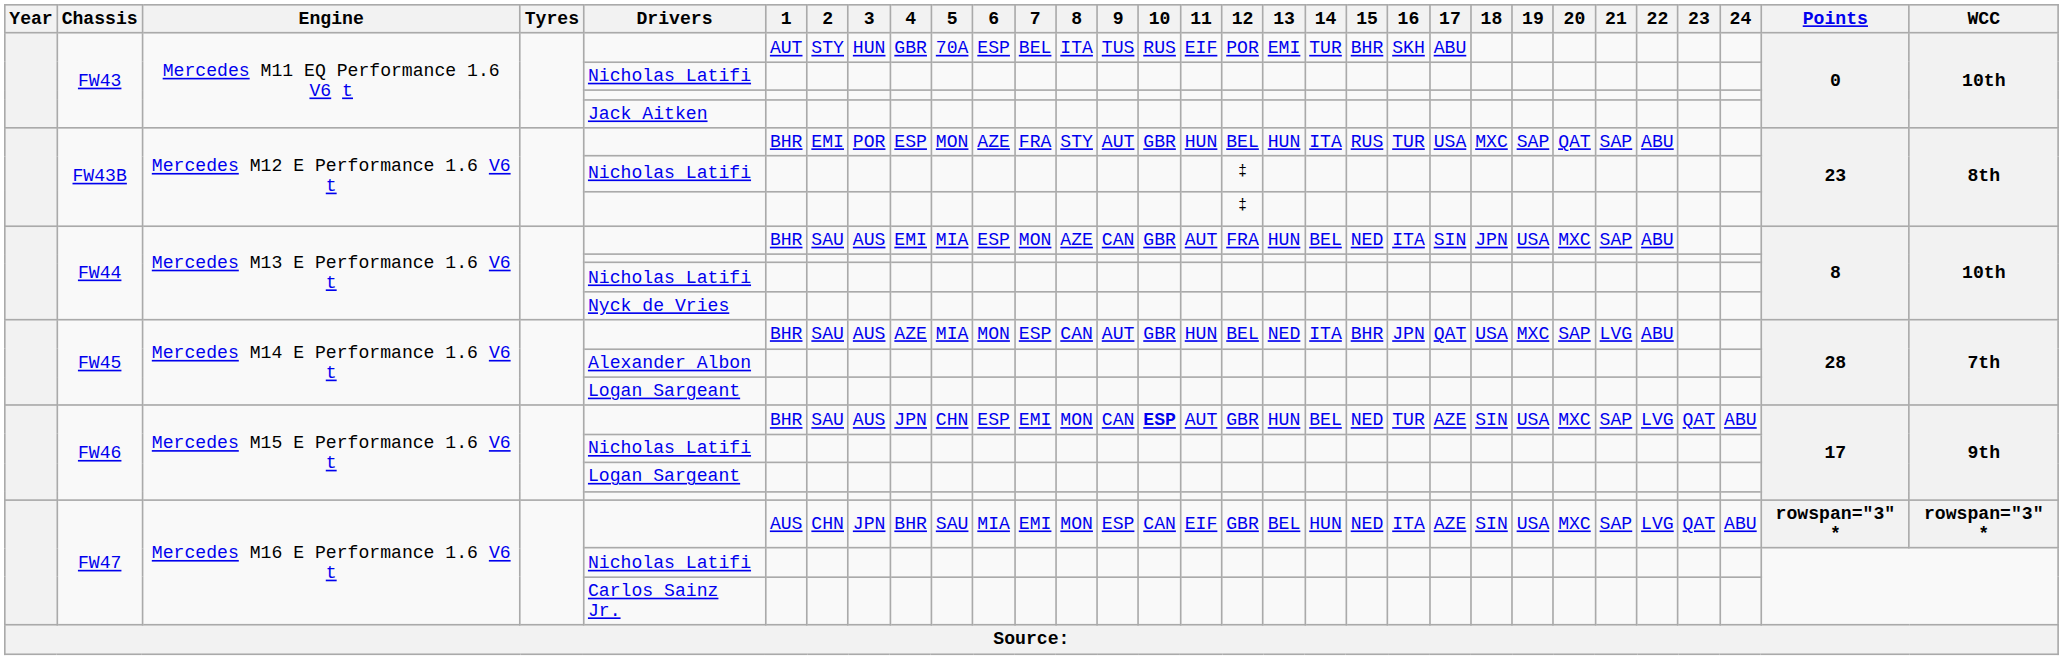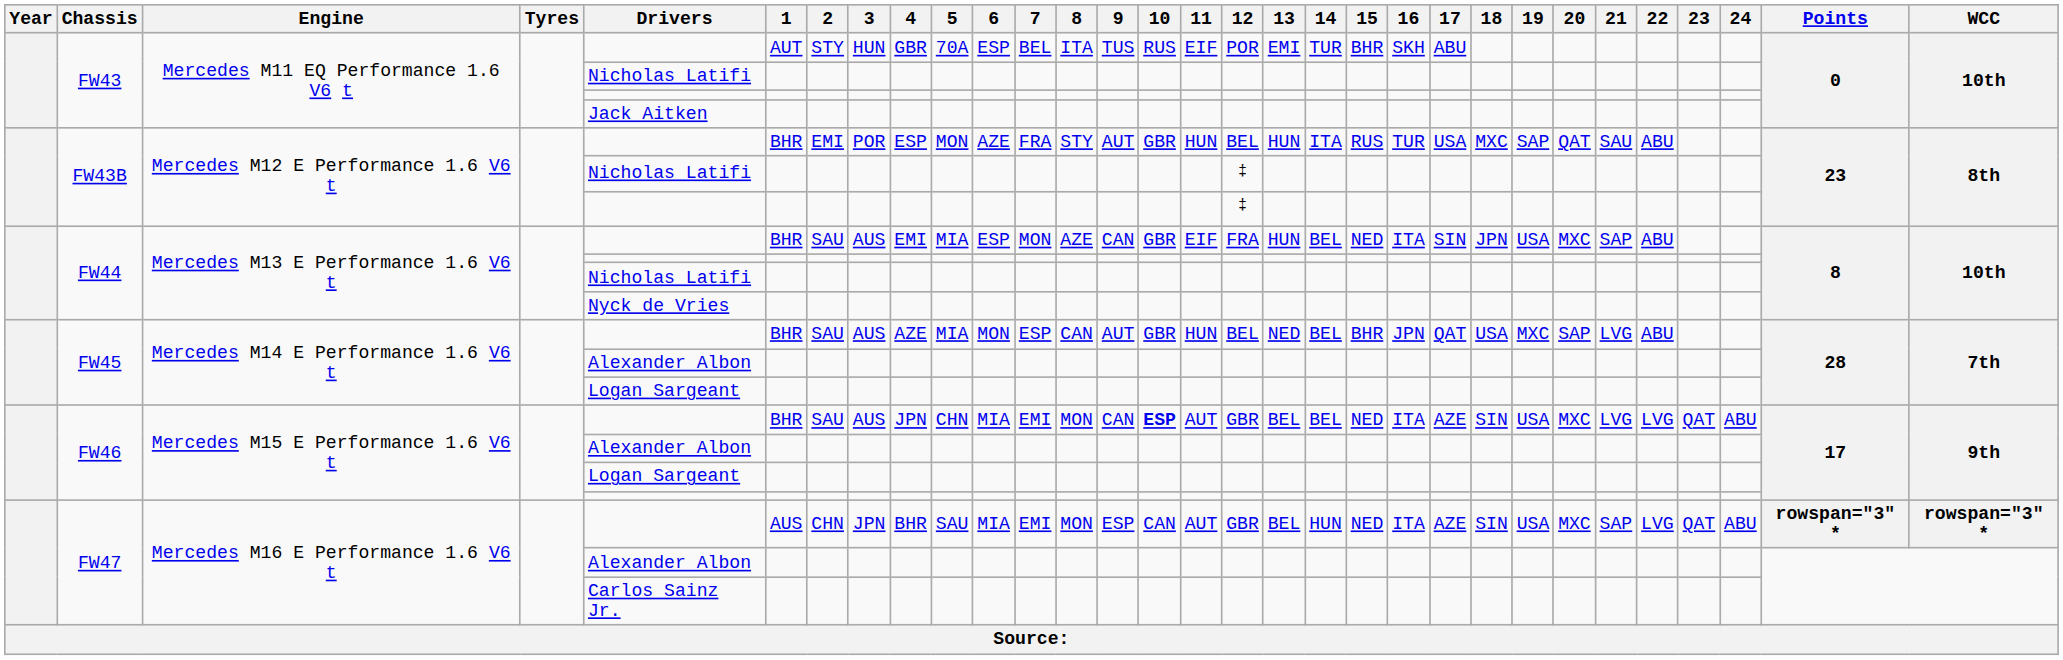 <table class="wikitable" style="text-align:center; font-size:85%">
 <tr>
 <th>Year</th>
 <th>Chassis</th>
 <th>Engine</th>
 <th>Tyres</th>
 <th>Drivers</th>
 <th>1</th>
 <th>2</th>
 <th>3</th>
 <th>4</th>
 <th>5</th>
 <th>6</th>
 <th>7</th>
 <th>8</th>
 <th>9</th>
 <th>10</th>
 <th>11</th>
 <th>12</th>
 <th>13</th>
 <th>14</th>
 <th>15</th>
 <th>16</th>
 <th>17</th>
 <th>18</th>
 <th>19</th>
 <th>20</th>
 <th>21</th>
 <th>22</th>
 <th>23</th>
 <th>24</th>
 <th><a href='#'>Points</a></th>
 <th>WCC</th>
 </tr>
 <tr>
 <th rowspan="4"></th>
 <td rowspan="4"><a href='#'>FW43</a></td>
 <td rowspan="4"><a href='#'>Mercedes</a> M11 EQ Performance 1.6 <a href='#'>V6</a> <a href='#'>t</a></td>
 <td rowspan="4"></td>
 <td></td>
 <td><a href='#'>AUT</a></td>
 <td><a href='#'>STY</a></td>
 <td><a href='#'>HUN</a></td>
 <td><a href='#'>GBR</a></td>
 <td><a href='#'>70A</a></td>
 <td><a href='#'>ESP</a></td>
 <td><a href='#'>BEL</a></td>
 <td><a href='#'>ITA</a></td>
 <td><a href='#'>TUS</a></td>
 <td><a href='#'>RUS</a></td>
 <td><a href='#'>EIF</a></td>
 <td><a href='#'>POR</a></td>
 <td><a href='#'>EMI</a></td>
 <td><a href='#'>TUR</a></td>
 <td><a href='#'>BHR</a></td>
 <td><a href='#'>SKH</a></td>
 <td><a href='#'>ABU</a></td>
 <td></td>
 <td></td>
 <td></td>
 <td></td>
 <td></td>
 <td></td>
 <td></td>
 <th rowspan="4">0</th>
 <th rowspan="4">10th</th>
 </tr>
 <tr>
 <td align="left"> <a href='#'>Nicholas Latifi</a></td>
 <td></td>
 <td></td>
 <td></td>
 <td></td>
 <td></td>
 <td></td>
 <td></td>
 <td></td>
 <td></td>
 <td></td>
 <td></td>
 <td></td>
 <td></td>
 <td></td>
 <td></td>
 <td></td>
 <td></td>
 <td></td>
 <td></td>
 <td></td>
 <td></td>
 <td></td>
 <td></td>
 <td></td>
 </tr>
 <tr>
 <td align="left"></td>
 <td></td>
 <td></td>
 <td></td>
 <td></td>
 <td></td>
 <td></td>
 <td></td>
 <td></td>
 <td></td>
 <td></td>
 <td></td>
 <td></td>
 <td></td>
 <td></td>
 <td></td>
 <td></td>
 <td></td>
 <td></td>
 <td></td>
 <td></td>
 <td></td>
 <td></td>
 <td></td>
 <td></td>
 </tr>
 <tr>
 <td align="left"> <a href='#'>Jack Aitken</a></td>
 <td></td>
 <td></td>
 <td></td>
 <td></td>
 <td></td>
 <td></td>
 <td></td>
 <td></td>
 <td></td>
 <td></td>
 <td></td>
 <td></td>
 <td></td>
 <td></td>
 <td></td>
 <td></td>
 <td></td>
 <td></td>
 <td></td>
 <td></td>
 <td></td>
 <td></td>
 <td></td>
 <td></td>
 </tr>
 <tr>
 <th rowspan="3"></th>
 <td rowspan="3"><a href='#'>FW43B</a></td>
 <td rowspan="3"><a href='#'>Mercedes</a> M12 E Performance 1.6 <a href='#'>V6</a> <a href='#'>t</a></td>
 <td rowspan="3"></td>
 <td></td>
 <td><a href='#'>BHR</a></td>
 <td><a href='#'>EMI</a></td>
 <td><a href='#'>POR</a></td>
 <td><a href='#'>ESP</a></td>
 <td><a href='#'>MON</a></td>
 <td><a href='#'>AZE</a></td>
 <td><a href='#'>FRA</a></td>
 <td><a href='#'>STY</a></td>
 <td><a href='#'>AUT</a></td>
 <td><a href='#'>GBR</a></td>
 <td><a href='#'>HUN</a></td>
 <td><a href='#'>BEL</a></td>
 <td><a href='#'>HUN</a></td>
 <td><a href='#'>ITA</a></td>
 <td><a href='#'>RUS</a></td>
 <td><a href='#'>TUR</a></td>
 <td><a href='#'>USA</a></td>
 <td><a href='#'>MXC</a></td>
 <td><a href='#'>SAP</a></td>
 <td><a href='#'>QAT</a></td>
-<td><a href='#'>SAP</a></td>
+<td><a href='#'>SAU</a></td>
 <td><a href='#'>ABU</a></td>
 <td></td>
 <td></td>
 <th rowspan="3">23</th>
 <th rowspan="3">8th</th>
 </tr>
 <tr>
 <td align="left"> <a href='#'>Nicholas Latifi</a></td>
 <td></td>
 <td></td>
 <td></td>
 <td></td>
 <td></td>
 <td></td>
 <td></td>
 <td></td>
 <td></td>
 <td></td>
 <td></td>
 <td><sup>‡</sup></td>
 <td></td>
 <td></td>
 <td></td>
 <td></td>
 <td></td>
 <td></td>
 <td></td>
 <td></td>
 <td></td>
 <td></td>
 <td></td>
 <td></td>
 </tr>
 <tr>
 <td align="left"></td>
 <td></td>
 <td></td>
 <td></td>
 <td></td>
 <td></td>
 <td></td>
 <td></td>
 <td></td>
 <td></td>
 <td></td>
 <td></td>
 <td><sup>‡</sup></td>
 <td></td>
 <td></td>
 <td></td>
 <td></td>
 <td></td>
 <td></td>
 <td></td>
 <td></td>
 <td></td>
 <td></td>
 <td></td>
 <td></td>
 </tr>
 <tr>
 <th rowspan="4"></th>
 <td rowspan="4"><a href='#'>FW44</a></td>
 <td rowspan="4"><a href='#'>Mercedes</a> M13 E Performance 1.6 <a href='#'>V6</a> <a href='#'>t</a></td>
 <td rowspan="4"></td>
 <td></td>
 <td><a href='#'>BHR</a></td>
 <td><a href='#'>SAU</a></td>
 <td><a href='#'>AUS</a></td>
 <td><a href='#'>EMI</a></td>
 <td><a href='#'>MIA</a></td>
 <td><a href='#'>ESP</a></td>
 <td><a href='#'>MON</a></td>
 <td><a href='#'>AZE</a></td>
 <td><a href='#'>CAN</a></td>
 <td><a href='#'>GBR</a></td>
-<td><a href='#'>AUT</a></td>
+<td><a href='#'>EIF</a></td>
 <td><a href='#'>FRA</a></td>
 <td><a href='#'>HUN</a></td>
 <td><a href='#'>BEL</a></td>
 <td><a href='#'>NED</a></td>
 <td><a href='#'>ITA</a></td>
 <td><a href='#'>SIN</a></td>
 <td><a href='#'>JPN</a></td>
 <td><a href='#'>USA</a></td>
 <td><a href='#'>MXC</a></td>
 <td><a href='#'>SAP</a></td>
 <td><a href='#'>ABU</a></td>
 <td></td>
 <td></td>
 <th rowspan="4">8</th>
 <th rowspan="4">10th</th>
 </tr>
 <tr>
 <td align="left"></td>
 <td></td>
 <td></td>
 <td></td>
 <td></td>
 <td></td>
 <td></td>
 <td></td>
 <td></td>
 <td></td>
 <td></td>
 <td></td>
 <td></td>
 <td></td>
 <td></td>
 <td></td>
 <td></td>
 <td></td>
 <td></td>
 <td></td>
 <td></td>
 <td></td>
 <td></td>
 <td></td>
 <td></td>
 </tr>
 <tr>
 <td nowrap align="left"> <a href='#'>Nicholas Latifi</a></td>
 <td></td>
 <td></td>
 <td></td>
 <td></td>
 <td></td>
 <td></td>
 <td></td>
 <td></td>
 <td></td>
 <td></td>
 <td></td>
 <td></td>
 <td></td>
 <td></td>
 <td></td>
 <td></td>
 <td></td>
 <td></td>
 <td></td>
 <td></td>
 <td></td>
 <td></td>
 <td></td>
 <td></td>
 </tr>
 <tr>
 <td nowrap align="left"> <a href='#'>Nyck de Vries</a></td>
 <td></td>
 <td></td>
 <td></td>
 <td></td>
 <td></td>
 <td></td>
 <td></td>
 <td></td>
 <td></td>
 <td></td>
 <td></td>
 <td></td>
 <td></td>
 <td></td>
 <td></td>
 <td></td>
 <td></td>
 <td></td>
 <td></td>
 <td></td>
 <td></td>
 <td></td>
 <td></td>
 <td></td>
 </tr>
 <tr>
 <th rowspan="3"></th>
 <td rowspan="3"><a href='#'>FW45</a></td>
 <td rowspan="3"><a href='#'>Mercedes</a> M14 E Performance 1.6 <a href='#'>V6</a> <a href='#'>t</a></td>
 <td rowspan="3"></td>
 <td></td>
 <td><a href='#'>BHR</a></td>
 <td><a href='#'>SAU</a></td>
 <td><a href='#'>AUS</a></td>
 <td><a href='#'>AZE</a></td>
 <td><a href='#'>MIA</a></td>
 <td><a href='#'>MON</a></td>
 <td><a href='#'>ESP</a></td>
 <td><a href='#'>CAN</a></td>
 <td><a href='#'>AUT</a></td>
 <td><a href='#'>GBR</a></td>
 <td><a href='#'>HUN</a></td>
 <td><a href='#'>BEL</a></td>
 <td><a href='#'>NED</a></td>
-<td><a href='#'>ITA</a></td>
+<td><a href='#'>BEL</a></td>
 <td><a href='#'>BHR</a></td>
 <td><a href='#'>JPN</a></td>
 <td><a href='#'>QAT</a></td>
 <td><a href='#'>USA</a></td>
 <td><a href='#'>MXC</a></td>
 <td><a href='#'>SAP</a></td>
 <td><a href='#'>LVG</a></td>
 <td><a href='#'>ABU</a></td>
 <td></td>
 <td></td>
 <th rowspan="3">28</th>
 <th rowspan="3">7th</th>
 </tr>
 <tr>
 <td align="left"> <a href='#'>Alexander Albon</a></td>
 <td></td>
 <td></td>
 <td></td>
 <td></td>
 <td></td>
 <td></td>
 <td></td>
 <td></td>
 <td></td>
 <td></td>
 <td></td>
 <td></td>
 <td></td>
 <td></td>
 <td></td>
 <td></td>
 <td></td>
 <td></td>
 <td></td>
 <td></td>
 <td></td>
 <td></td>
 <td></td>
 <td></td>
 </tr>
 <tr>
 <td align=left> <a href='#'>Logan Sargeant</a></td>
 <td></td>
 <td></td>
 <td></td>
 <td></td>
 <td></td>
 <td></td>
 <td></td>
 <td></td>
 <td></td>
 <td></td>
 <td></td>
 <td></td>
 <td></td>
 <td></td>
 <td></td>
 <td></td>
 <td></td>
 <td></td>
 <td></td>
 <td></td>
 <td></td>
 <td></td>
 <td></td>
 <td></td>
 </tr>
 <tr>
 <th rowspan="4"></th>
 <td rowspan="4"><a href='#'>FW46</a></td>
 <td rowspan="4"><a href='#'>Mercedes</a> M15 E Performance 1.6 <a href='#'>V6</a> <a href='#'>t</a></td>
 <td rowspan="4"></td>
 <td></td>
 <td><a href='#'>BHR</a></td>
 <td><a href='#'>SAU</a></td>
 <td><a href='#'>AUS</a></td>
 <td><a href='#'>JPN</a></td>
 <td><a href='#'>CHN</a></td>
-<td><a href='#'>ESP</a></td>
+<td><a href='#'>MIA</a></td>
 <td><a href='#'>EMI</a></td>
 <td><a href='#'>MON</a></td>
 <td><a href='#'>CAN</a></td>
 <td><strong><a href='#'>ESP</a></strong></td>
 <td><a href='#'>AUT</a></td>
 <td><a href='#'>GBR</a></td>
-<td><a href='#'>HUN</a></td>
+<td><a href='#'>BEL</a></td>
 <td><a href='#'>BEL</a></td>
 <td><a href='#'>NED</a></td>
-<td><a href='#'>TUR</a></td>
+<td><a href='#'>ITA</a></td>
 <td><a href='#'>AZE</a></td>
 <td><a href='#'>SIN</a></td>
 <td><a href='#'>USA</a></td>
 <td><a href='#'>MXC</a></td>
-<td><a href='#'>SAP</a></td>
+<td><a href='#'>LVG</a></td>
 <td><a href='#'>LVG</a></td>
 <td><a href='#'>QAT</a></td>
 <td><a href='#'>ABU</a></td>
 <th rowspan="4">17</th>
 <th rowspan="4">9th</th>
 </tr>
 <tr>
-<td nowrap align="left"> <a href='#'>Nicholas Latifi</a></td>
+<td align="left"> <a href='#'>Alexander Albon</a></td>
 <td></td>
 <td></td>
 <td></td>
 <td></td>
 <td></td>
 <td></td>
 <td></td>
 <td></td>
 <td></td>
 <td></td>
 <td></td>
 <td></td>
 <td></td>
 <td></td>
 <td></td>
 <td></td>
 <td></td>
 <td></td>
 <td></td>
 <td></td>
 <td></td>
 <td></td>
 <td></td>
 <td></td>
 </tr>
 <tr>
 <td align=left> <a href='#'>Logan Sargeant</a></td>
 <td></td>
 <td></td>
 <td></td>
 <td></td>
 <td></td>
 <td></td>
 <td></td>
 <td></td>
 <td></td>
 <td></td>
 <td></td>
 <td></td>
 <td></td>
 <td></td>
 <td></td>
 <td></td>
 <td></td>
 <td></td>
 <td></td>
 <td></td>
 <td></td>
 <td></td>
 <td></td>
 <td></td>
 </tr>
 <tr>
 <td align=left></td>
 <td></td>
 <td></td>
 <td></td>
 <td></td>
 <td></td>
 <td></td>
 <td></td>
 <td></td>
 <td></td>
 <td></td>
 <td></td>
 <td></td>
 <td></td>
 <td></td>
 <td></td>
 <td></td>
 <td></td>
 <td></td>
 <td></td>
 <td></td>
 <td></td>
 <td></td>
 <td></td>
 <td></td>
 </tr>
 <tr>
 <th rowspan="3"></th>
 <td rowspan="3"><a href='#'>FW47</a></td>
 <td rowspan="3"><a href='#'>Mercedes</a> M16 E Performance 1.6 <a href='#'>V6</a> <a href='#'>t</a></td>
 <td rowspan="3"></td>
 <td></td>
 <td><a href='#'>AUS</a></td>
 <td><a href='#'>CHN</a></td>
 <td><a href='#'>JPN</a></td>
 <td><a href='#'>BHR</a></td>
 <td><a href='#'>SAU</a></td>
 <td><a href='#'>MIA</a></td>
 <td><a href='#'>EMI</a></td>
 <td><a href='#'>MON</a></td>
 <td><a href='#'>ESP</a></td>
 <td><a href='#'>CAN</a></td>
-<td><a href='#'>EIF</a></td>
+<td><a href='#'>AUT</a></td>
 <td><a href='#'>GBR</a></td>
 <td><a href='#'>BEL</a></td>
 <td><a href='#'>HUN</a></td>
 <td><a href='#'>NED</a></td>
 <td><a href='#'>ITA</a></td>
 <td><a href='#'>AZE</a></td>
 <td><a href='#'>SIN</a></td>
 <td><a href='#'>USA</a></td>
 <td><a href='#'>MXC</a></td>
 <td><a href='#'>SAP</a></td>
 <td><a href='#'>LVG</a></td>
 <td><a href='#'>QAT</a></td>
 <td><a href='#'>ABU</a></td>
 <th>rowspan="3" *</th>
 <th>rowspan="3" *</th>
 </tr>
 <tr>
-<td align="left"> <a href='#'>Nicholas Latifi</a></td>
+<td align=left> <a href='#'>Alexander Albon</a></td>
 <td></td>
 <td></td>
 <td></td>
 <td></td>
 <td></td>
 <td></td>
 <td></td>
 <td></td>
 <td></td>
 <td></td>
 <td></td>
 <td></td>
 <td></td>
 <td></td>
 <td></td>
 <td></td>
 <td></td>
 <td></td>
 <td></td>
 <td></td>
 <td></td>
 <td></td>
 <td></td>
 <td></td>
 </tr>
 <tr>
 <td align=left> <a href='#'>Carlos Sainz Jr.</a></td>
 <td></td>
 <td></td>
 <td></td>
 <td></td>
 <td></td>
 <td></td>
 <td></td>
 <td></td>
 <td></td>
 <td></td>
 <td></td>
 <td></td>
 <td></td>
 <td></td>
 <td></td>
 <td></td>
 <td></td>
 <td></td>
 <td></td>
 <td></td>
 <td></td>
 <td></td>
 <td></td>
 <td></td>
 </tr>
 <tr>
 <th colspan="31">Source:</th>
 </tr>
 </table>
